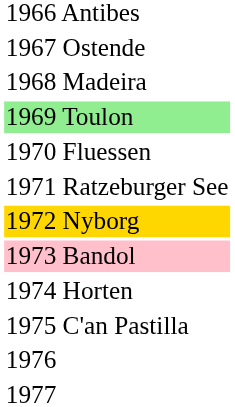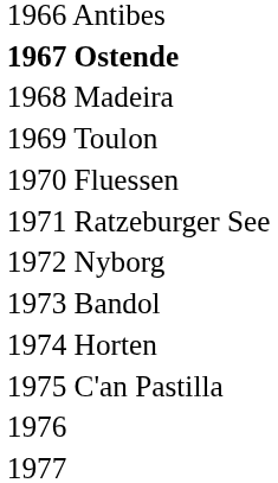 <table>
 <tr>
 <td>1966 Antibes</td>
 <td></td>
 <td></td>
 <td></td>
 <td></td>
 </tr>
 <tr>
-<td>1967 Ostende</td>
+<td><strong>1967 Ostende</strong></td>
 <td></td>
 <td></td>
 <td></td>
 <td></td>
 </tr>
 <tr>
 <td>1968 Madeira</td>
 <td></td>
 <td></td>
 <td></td>
 <td></td>
 </tr>
 <tr>
-<td style="background: lightgreen;">1969 Toulon</td>
+<td>1969 Toulon</td>
 <td></td>
 <td></td>
 <td></td>
 <td></td>
 </tr>
 <tr>
 <td>1970 Fluessen</td>
 <td></td>
 <td></td>
 <td></td>
 <td></td>
 </tr>
 <tr>
 <td>1971 Ratzeburger See</td>
 <td></td>
 <td></td>
 <td></td>
 <td></td>
 </tr>
 <tr>
-<td style="background: gold;">1972 Nyborg</td>
+<td>1972 Nyborg</td>
 <td></td>
 <td></td>
 <td></td>
 <td></td>
 </tr>
 <tr>
-<td style="background: pink;">1973 Bandol</td>
+<td>1973 Bandol</td>
 <td></td>
 <td></td>
 <td></td>
 <td></td>
 </tr>
 <tr>
 <td>1974 Horten</td>
 <td></td>
 <td></td>
 <td></td>
 <td></td>
 </tr>
 <tr>
 <td>1975 C'an Pastilla</td>
 <td></td>
 <td></td>
 <td></td>
 <td></td>
 </tr>
 <tr>
 <td>1976</td>
 <td></td>
 <td></td>
 <td></td>
 <td></td>
 </tr>
 <tr>
 <td>1977</td>
 <td></td>
 <td></td>
 <td></td>
 <td></td>
 </tr>
 </table>
